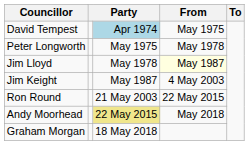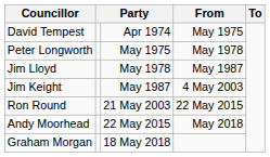 <table class=wikitable>
 <tr>
 <th>Councillor</th>
 <th colspan=2>Party</th>
 <th>From</th>
 <th>To</th>
 </tr>
 <tr>
 <td>David Tempest</td>
 <td></td>
-<td align=right style="background: lightblue;">Apr 1974</td>
+<td align=right>Apr 1974</td>
 <td align=right>May 1975</td>
 </tr>
 <tr>
 <td>Peter Longworth</td>
 <td></td>
 <td align=right>May 1975</td>
 <td align=right>May 1978</td>
 </tr>
 <tr>
 <td>Jim Lloyd</td>
 <td></td>
 <td align=right>May 1978</td>
-<td align=right style="background: lightyellow;">May 1987</td>
+<td align=right>May 1987</td>
 </tr>
 <tr>
 <td>Jim Keight</td>
 <td></td>
 <td align=right>May 1987</td>
 <td align=right>4 May 2003</td>
 </tr>
 <tr>
 <td>Ron Round</td>
 <td></td>
 <td align=right>21 May 2003</td>
 <td align=right>22 May 2015</td>
 </tr>
 <tr>
 <td>Andy Moorhead</td>
 <td></td>
-<td align=right style="background: khaki;">22 May 2015</td>
+<td align=right>22 May 2015</td>
 <td align=right>May 2018</td>
 </tr>
 <tr>
 <td>Graham Morgan</td>
 <td></td>
 <td align=right>18 May 2018</td>
 <td align=right></td>
 </tr>
 </table>
